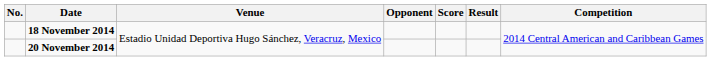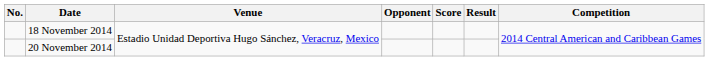 <table class="wikitable">
 <tr>
 <th>No.</th>
 <th>Date</th>
 <th>Venue</th>
 <th>Opponent</th>
 <th>Score</th>
 <th>Result</th>
 <th>Competition</th>
 </tr>
 <tr>
 <td></td>
-<td><strong>18 November 2014</strong></td>
+<td>18 November 2014</td>
 <td rowspan=2>Estadio Unidad Deportiva Hugo Sánchez, <a href='#'>Veracruz</a>, <a href='#'>Mexico</a></td>
 <td></td>
 <td></td>
 <td></td>
 <td rowspan=2><a href='#'>2014 Central American and Caribbean Games</a></td>
 </tr>
 <tr>
 <td></td>
-<td><strong>20 November 2014</strong></td>
+<td>20 November 2014</td>
 <td></td>
 <td></td>
 <td></td>
 </tr>
 </table>
